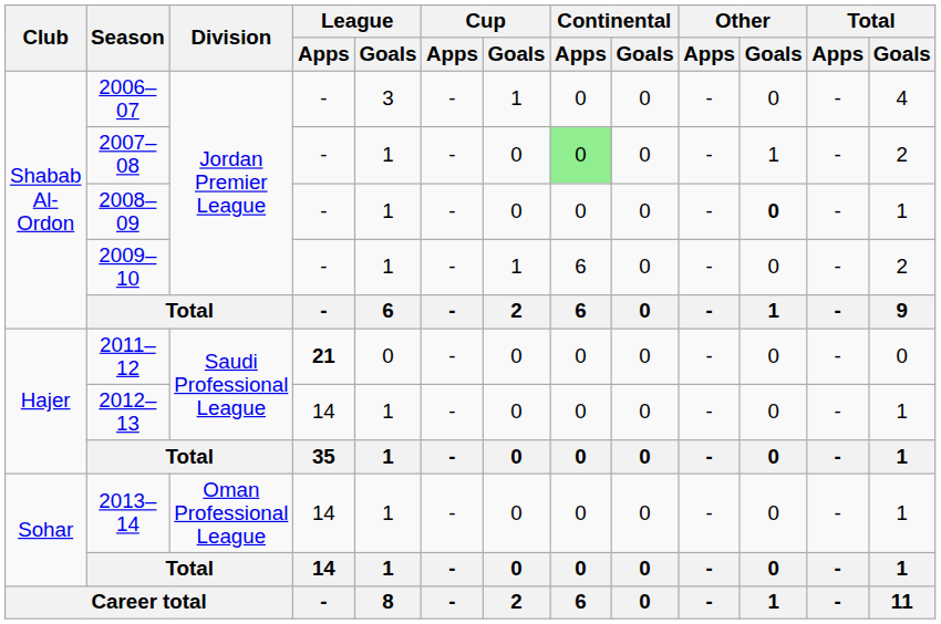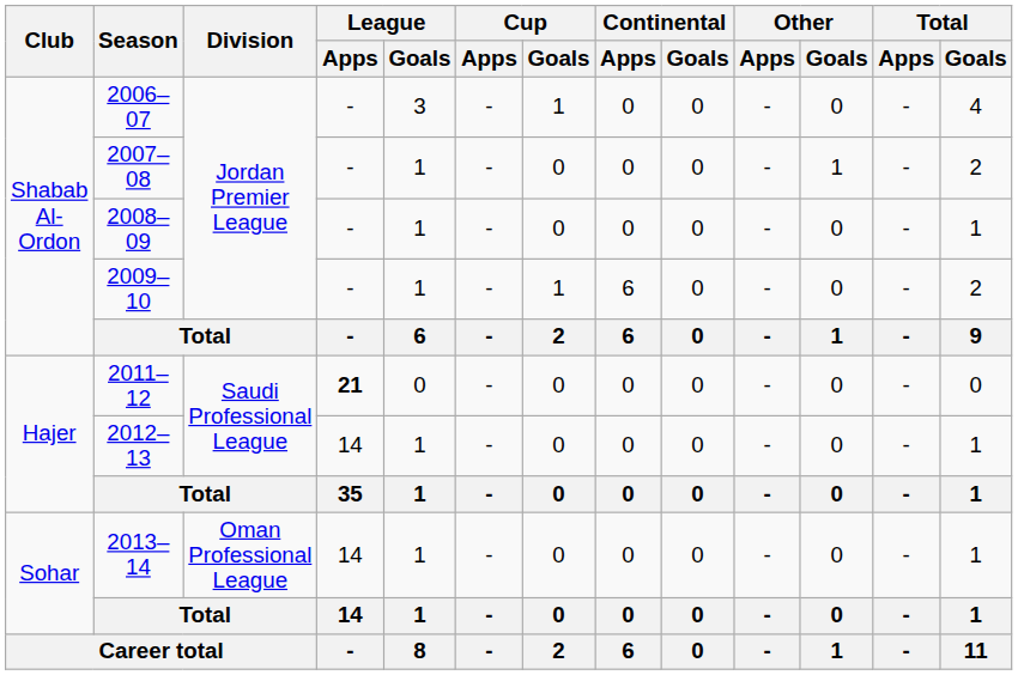 <table class="wikitable" style="text-align: center;">
 <tr>
 <th rowspan="2">Club</th>
 <th rowspan="2">Season</th>
 <th rowspan="2">Division</th>
 <th colspan="2">League</th>
 <th colspan="2">Cup</th>
 <th colspan="2">Continental</th>
 <th colspan="2">Other</th>
 <th colspan="2">Total</th>
 </tr>
 <tr>
 <th>Apps</th>
 <th>Goals</th>
 <th>Apps</th>
 <th>Goals</th>
 <th>Apps</th>
 <th>Goals</th>
 <th>Apps</th>
 <th>Goals</th>
 <th>Apps</th>
 <th>Goals</th>
 </tr>
 <tr>
 <td rowspan="5"><a href='#'>Shabab Al-Ordon</a></td>
 <td><a href='#'>2006–07</a></td>
 <td rowspan="4"><a href='#'>Jordan Premier League</a></td>
 <td>-</td>
 <td>3</td>
 <td>-</td>
 <td>1</td>
 <td>0</td>
 <td>0</td>
 <td>-</td>
 <td>0</td>
 <td>-</td>
 <td>4</td>
 </tr>
 <tr>
 <td><a href='#'>2007–08</a></td>
 <td>-</td>
 <td>1</td>
 <td>-</td>
 <td>0</td>
-<td style="background: lightgreen;">0</td>
+<td>0</td>
 <td>0</td>
 <td>-</td>
 <td>1</td>
 <td>-</td>
 <td>2</td>
 </tr>
 <tr>
 <td><a href='#'>2008–09</a></td>
 <td>-</td>
 <td>1</td>
 <td>-</td>
 <td>0</td>
 <td>0</td>
 <td>0</td>
 <td>-</td>
-<td><strong>0</strong></td>
+<td>0</td>
 <td>-</td>
 <td>1</td>
 </tr>
 <tr>
 <td><a href='#'>2009–10</a></td>
 <td>-</td>
 <td>1</td>
 <td>-</td>
 <td>1</td>
 <td>6</td>
 <td>0</td>
 <td>-</td>
 <td>0</td>
 <td>-</td>
 <td>2</td>
 </tr>
 <tr>
 <th colspan="2">Total</th>
 <th>-</th>
 <th>6</th>
 <th>-</th>
 <th>2</th>
 <th>6</th>
 <th>0</th>
 <th>-</th>
 <th>1</th>
 <th>-</th>
 <th>9</th>
 </tr>
 <tr>
 <td rowspan="3"><a href='#'>Hajer</a></td>
 <td><a href='#'>2011–12</a></td>
 <td rowspan="2"><a href='#'>Saudi Professional League</a></td>
 <td><strong>21</strong></td>
 <td>0</td>
 <td>-</td>
 <td>0</td>
 <td>0</td>
 <td>0</td>
 <td>-</td>
 <td>0</td>
 <td>-</td>
 <td>0</td>
 </tr>
 <tr>
 <td><a href='#'>2012–13</a></td>
 <td>14</td>
 <td>1</td>
 <td>-</td>
 <td>0</td>
 <td>0</td>
 <td>0</td>
 <td>-</td>
 <td>0</td>
 <td>-</td>
 <td>1</td>
 </tr>
 <tr>
 <th colspan="2">Total</th>
 <th>35</th>
 <th>1</th>
 <th>-</th>
 <th>0</th>
 <th>0</th>
 <th>0</th>
 <th>-</th>
 <th>0</th>
 <th>-</th>
 <th>1</th>
 </tr>
 <tr>
 <td rowspan="2"><a href='#'>Sohar</a></td>
 <td><a href='#'>2013–14</a></td>
 <td rowspan="1"><a href='#'>Oman Professional League</a></td>
 <td>14</td>
 <td>1</td>
 <td>-</td>
 <td>0</td>
 <td>0</td>
 <td>0</td>
 <td>-</td>
 <td>0</td>
 <td>-</td>
 <td>1</td>
 </tr>
 <tr>
 <th colspan="2">Total</th>
 <th>14</th>
 <th>1</th>
 <th>-</th>
 <th>0</th>
 <th>0</th>
 <th>0</th>
 <th>-</th>
 <th>0</th>
 <th>-</th>
 <th>1</th>
 </tr>
 <tr>
 <th colspan="3">Career total</th>
 <th>-</th>
 <th>8</th>
 <th>-</th>
 <th>2</th>
 <th>6</th>
 <th>0</th>
 <th>-</th>
 <th>1</th>
 <th>-</th>
 <th>11</th>
 </tr>
 </table>
